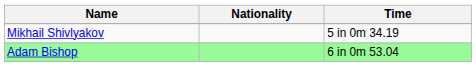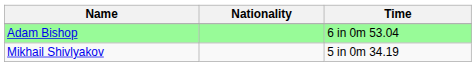 <table class="wikitable" style="display: inline-table;width: 50%;">
 <tr>
 <th>Name</th>
 <th>Nationality</th>
 <th>Time</th>
 </tr>
 <tr>
 </tr>
+<tr style="background:palegreen">
+<td><a href='#'>Adam Bishop</a></td>
+<td></td>
+<td>6 in 0m 53.04</td>
+</tr>
 <tr>
 <td><a href='#'>Mikhail Shivlyakov</a></td>
 <td></td>
 <td>5 in 0m 34.19</td>
 </tr>
-<tr style="background:palegreen">
-<td><a href='#'>Adam Bishop</a></td>
-<td></td>
-<td>6 in 0m 53.04</td>
-</tr>
 </table>
